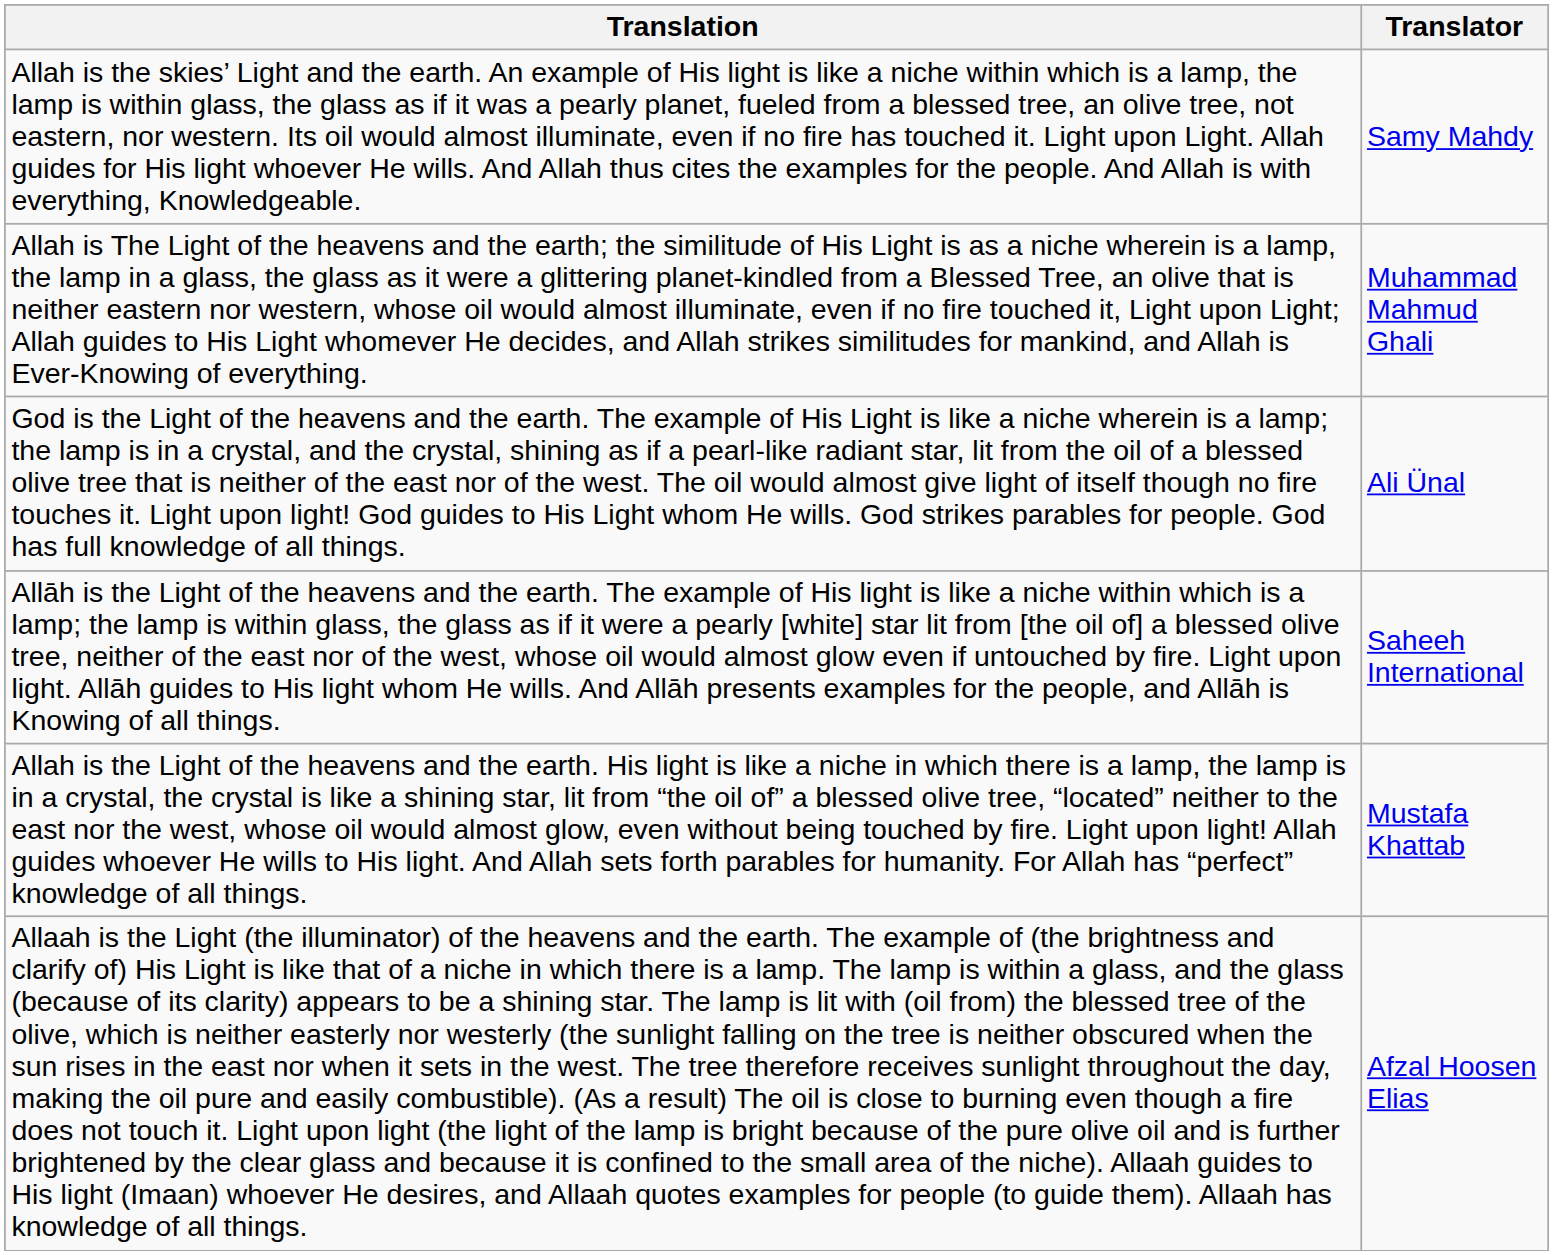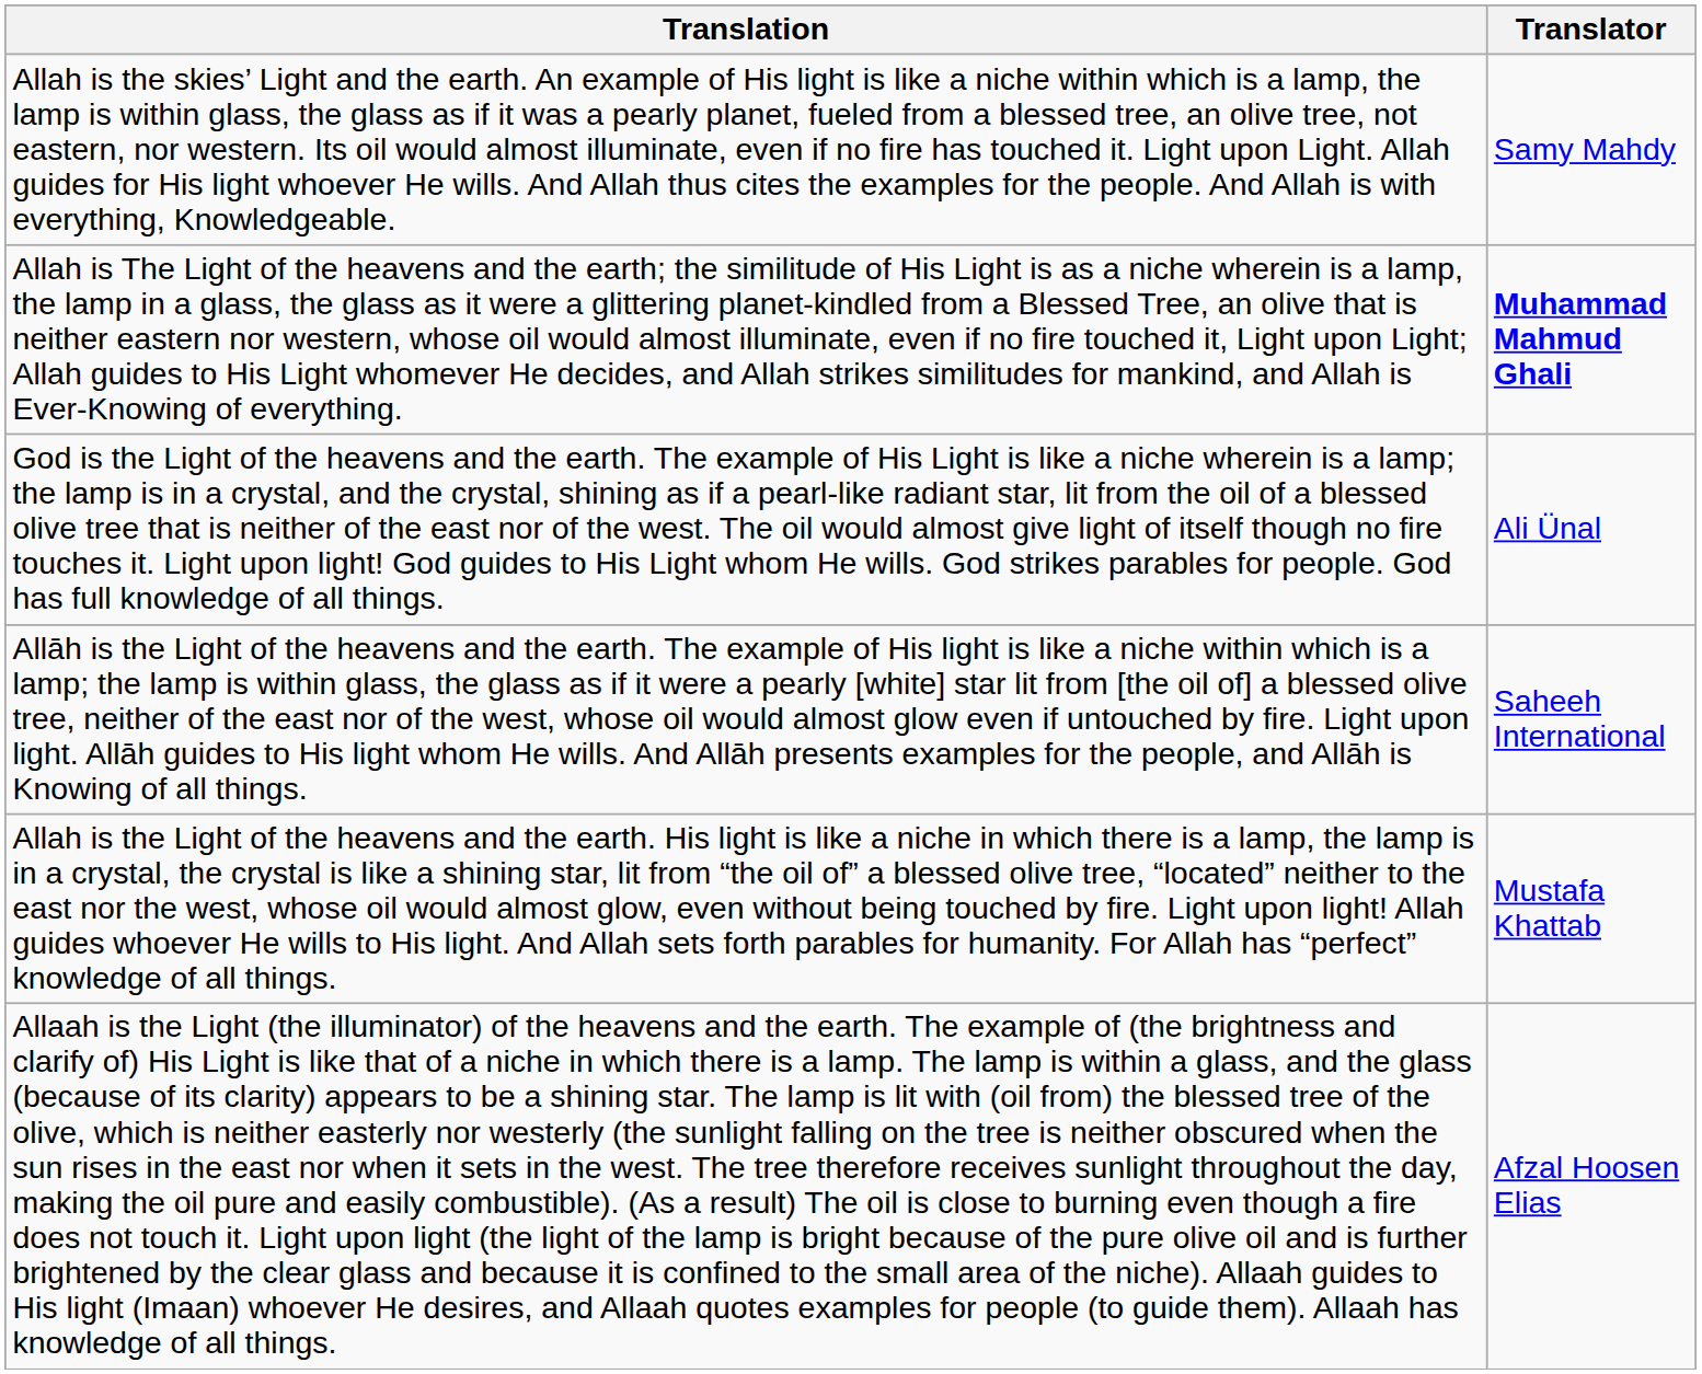 <table class="wikitable">
 <tr>
 <th>Translation</th>
 <th>Translator</th>
 </tr>
 <tr>
 <td>Allah is the skies’ Light and the earth. An example of His light is like a niche within which is a lamp, the lamp is within glass, the glass as if it was a pearly planet, fueled from a blessed tree, an olive tree, not eastern, nor western. Its oil would almost illuminate, even if no fire has touched it. Light upon Light. Allah guides for His light whoever He wills. And Allah thus cites the examples for the people. And Allah is with everything, Knowledgeable.</td>
 <td><a href='#'>Samy Mahdy</a></td>
 </tr>
 <tr>
 <td>Allah is The Light of the heavens and the earth; the similitude of His Light is as a niche wherein is a lamp, the lamp in a glass, the glass as it were a glittering planet-kindled from a Blessed Tree, an olive that is neither eastern nor western, whose oil would almost illuminate, even if no fire touched it, Light upon Light; Allah guides to His Light whomever He decides, and Allah strikes similitudes for mankind, and Allah is Ever-Knowing of everything.</td>
-<td><a href='#'>Muhammad Mahmud Ghali</a></td>
+<td><strong><a href='#'>Muhammad Mahmud Ghali</a></strong></td>
 </tr>
 <tr>
 <td>God is the Light of the heavens and the earth. The example of His Light is like a niche wherein is a lamp; the lamp is in a crystal, and the crystal, shining as if a pearl-like radiant star, lit from the oil of a blessed olive tree that is neither of the east nor of the west. The oil would almost give light of itself though no fire touches it. Light upon light! God guides to His Light whom He wills. God strikes parables for people. God has full knowledge of all things.</td>
 <td><a href='#'>Ali Ünal</a></td>
 </tr>
 <tr>
 <td>Allāh is the Light of the heavens and the earth. The example of His light is like a niche within which is a lamp; the lamp is within glass, the glass as if it were a pearly [white] star lit from [the oil of] a blessed olive tree, neither of the east nor of the west, whose oil would almost glow even if untouched by fire. Light upon light. Allāh guides to His light whom He wills. And Allāh presents examples for the people, and Allāh is Knowing of all things.</td>
 <td><a href='#'>Saheeh International</a></td>
 </tr>
 <tr>
 <td>Allah is the Light of the heavens and the earth. His light is like a niche in which there is a lamp, the lamp is in a crystal, the crystal is like a shining star, lit from “the oil of” a blessed olive tree, “located” neither to the east nor the west, whose oil would almost glow, even without being touched by fire. Light upon light! Allah guides whoever He wills to His light. And Allah sets forth parables for humanity. For Allah has “perfect” knowledge of all things.</td>
 <td><a href='#'>Mustafa Khattab</a></td>
 </tr>
 <tr>
 <td>Allaah is the Light (the illuminator) of the heavens and the earth. The example of (the brightness and clarify of) His Light is like that of a niche in which there is a lamp. The lamp is within a glass, and the glass (because of its clarity) appears to be a shining star. The lamp is lit with (oil from) the blessed tree of the olive, which is neither easterly nor westerly (the sunlight falling on the tree is neither obscured when the sun rises in the east nor when it sets in the west. The tree therefore receives sunlight throughout the day, making the oil pure and easily combustible). (As a result) The oil is close to burning even though a fire does not touch it. Light upon light (the light of the lamp is bright because of the pure olive oil and is further brightened by the clear glass and because it is confined to the small area of the niche). Allaah guides to His light (Imaan) whoever He desires, and Allaah quotes examples for people (to guide them). Allaah has knowledge of all things.</td>
 <td><a href='#'>Afzal Hoosen Elias</a></td>
 </tr>
 </table>
